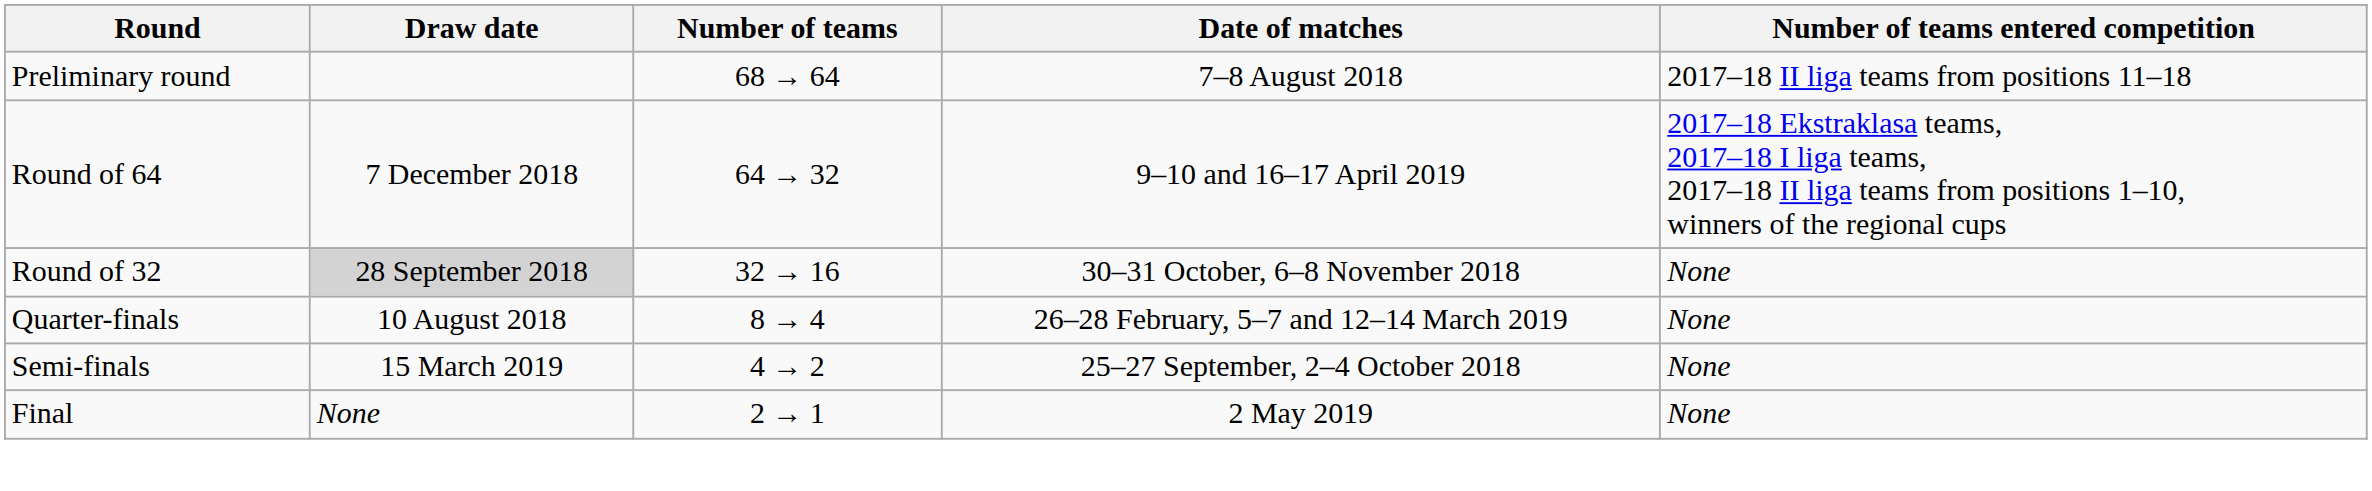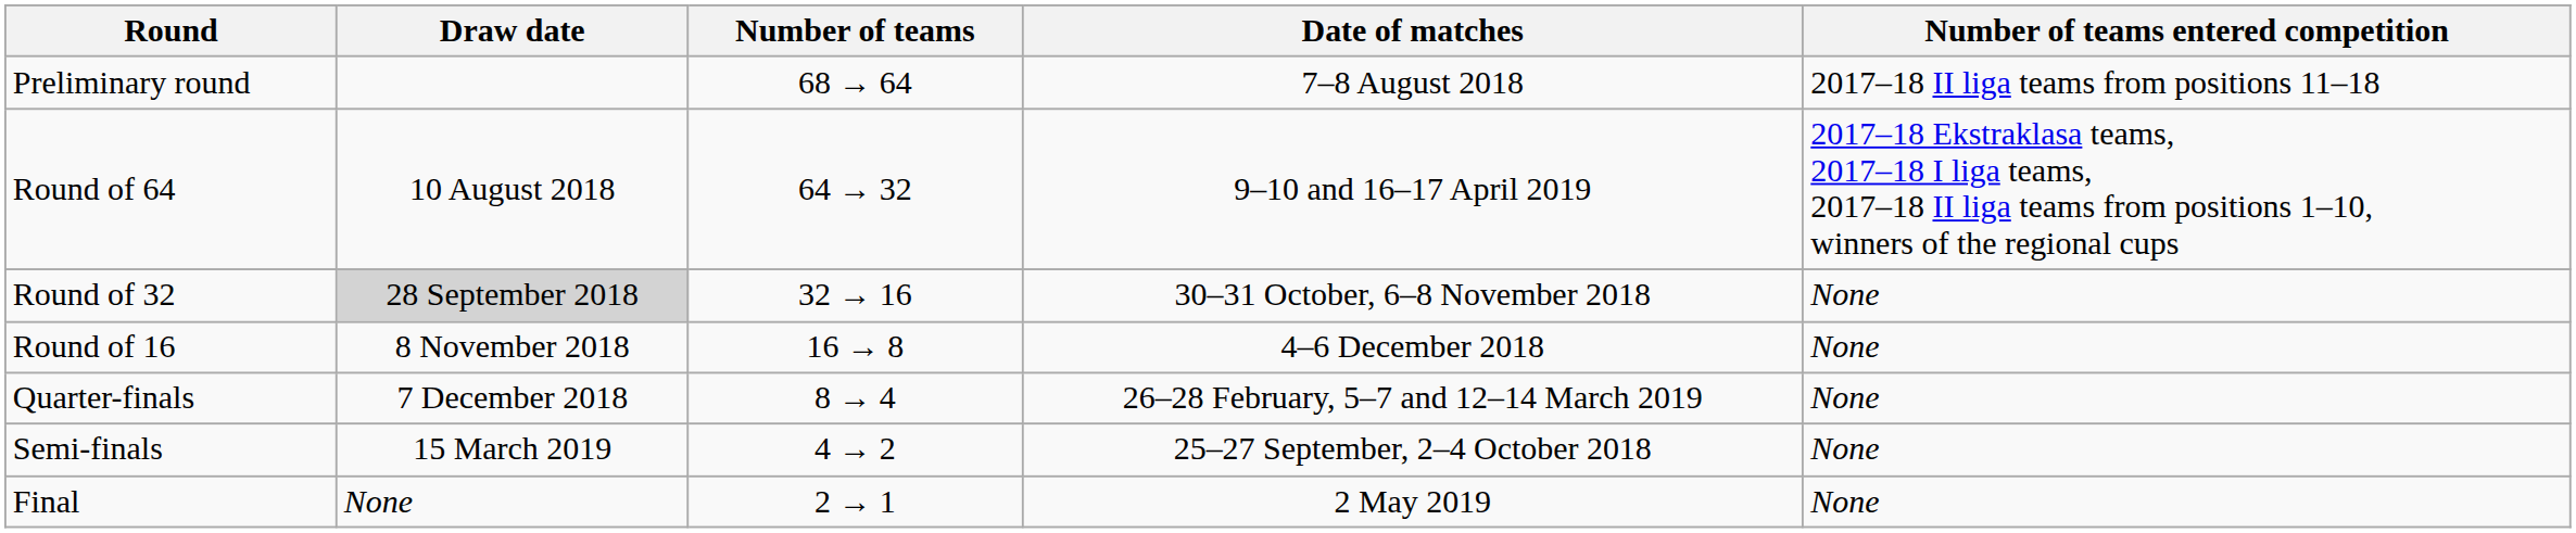 <table class="wikitable" style="width:100%; text–align:right">
 <tr>
 <th>Round</th>
 <th>Draw date</th>
 <th>Number of teams</th>
 <th>Date of matches</th>
 <th>Number of teams entered competition</th>
 </tr>
 <tr>
 <td align="left">Preliminary round</td>
 <td></td>
 <td align="center">68 → 64</td>
 <td align="center">7–8 August 2018</td>
 <td align="left">2017–18 <a href='#'>II liga</a> teams from positions 11–18</td>
 </tr>
 <tr>
 <td align="left">Round of 64</td>
-<td align="center">7 December 2018</td>
+<td align="center">10 August 2018</td>
 <td align="center">64 → 32</td>
 <td align="center">9–10 and 16–17 April 2019</td>
 <td align="left"><a href='#'>2017–18 Ekstraklasa</a> teams,<br><a href='#'>2017–18 I liga</a> teams,<br>2017–18 <a href='#'>II liga</a> teams from positions 1–10,<br>winners of the regional cups</td>
 </tr>
 <tr>
 <td align="left">Round of 32</td>
 <td align="center" style="background: lightgrey;">28 September 2018</td>
 <td align="center">32 → 16</td>
 <td align="center">30–31 October, 6–8 November 2018</td>
 <td><em>None</em></td>
 </tr>
 <tr>
+<td align="left">Round of 16</td>
+<td align="center">8 November 2018</td>
+<td align="center">16 → 8</td>
+<td align="center">4–6 December 2018</td>
+<td><em>None</em></td>
+</tr>
+<tr>
 <td align="left">Quarter-finals</td>
-<td align="center">10 August 2018</td>
+<td align="center">7 December 2018</td>
 <td align="center">8 → 4</td>
 <td align="center">26–28 February, 5–7 and 12–14 March 2019</td>
 <td><em>None</em></td>
 </tr>
 <tr>
 <td align="left">Semi-finals</td>
 <td align="center">15 March 2019</td>
 <td align="center">4 → 2</td>
 <td align="center">25–27 September, 2–4 October 2018</td>
 <td><em>None</em></td>
 </tr>
 <tr>
 <td align="left">Final</td>
 <td><em>None</em></td>
 <td align="center">2 → 1</td>
 <td align="center">2 May 2019</td>
 <td><em>None</em></td>
 </tr>
 </table>
